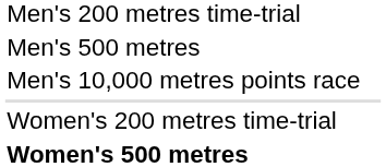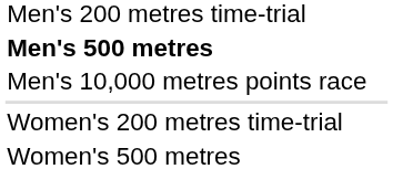 <table>
 <tr>
 <td>Men's 200 metres time-trial<br></td>
 <td></td>
 <td></td>
 <td></td>
 </tr>
 <tr>
-<td>Men's 500 metres<br></td>
+<td><strong>Men's 500 metres<br></strong></td>
 <td></td>
 <td></td>
 <td></td>
 </tr>
 <tr>
 <td>Men's 10,000 metres points race<br></td>
 <td></td>
 <td></td>
 <td></td>
 </tr>
 <tr bgcolor=#DDDDDD>
 <td colspan=7></td>
 </tr>
 <tr>
 <td>Women's 200 metres time-trial<br></td>
 <td></td>
 <td></td>
 <td></td>
 </tr>
 <tr>
-<td><strong>Women's 500 metres<br></strong></td>
+<td>Women's 500 metres<br></td>
 <td></td>
 <td></td>
 <td></td>
 </tr>
 <tr>
 <td><br></td>
 <td></td>
 <td></td>
 <td></td>
 </tr>
 </table>
